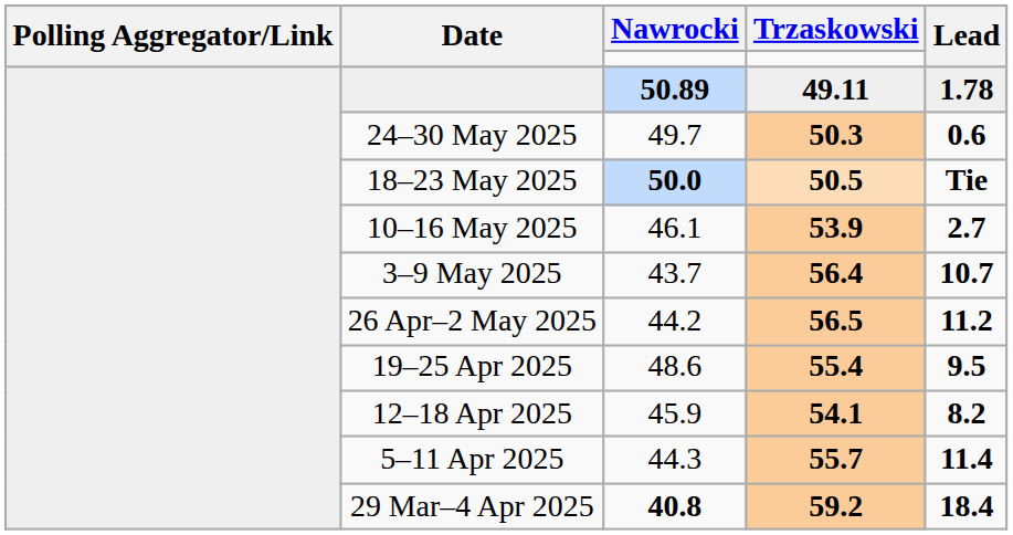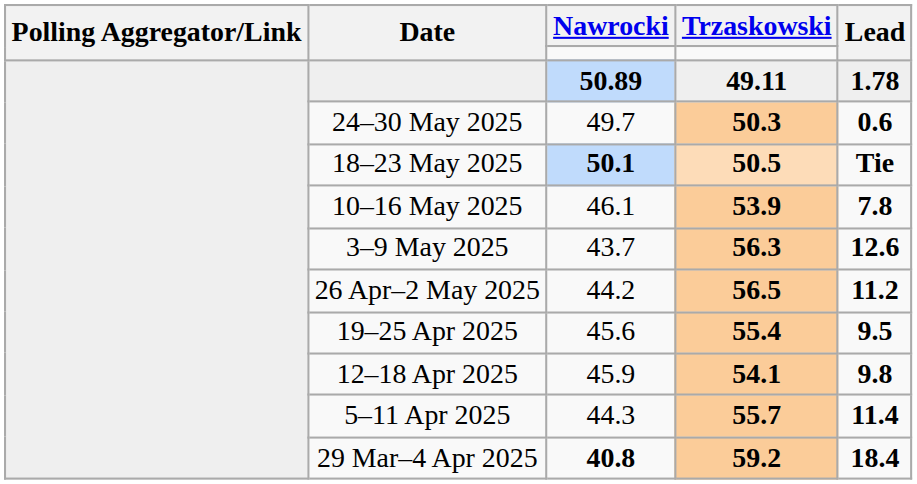 <table class="wikitable" style="text-align:center; font-size:85%; line-height:14px; width=auto;">
 <tr>
 <th rowspan="2">Polling Aggregator/Link</th>
 <th rowspan="2">Date</th>
 <th><a href='#'>Nawrocki</a><br></th>
 <th><a href='#'>Trzaskowski</a><br></th>
 <th rowspan="2">Lead</th>
 </tr>
 <tr>
 <td style="background:"></td>
 <td style="background:"></td>
 </tr>
 <tr style="background:#EFEFEF; font-weight:bold;">
 <td rowspan="10"></td>
 <td></td>
 <td style="background:#C0DBFC;">50.89</td>
 <td>49.11</td>
 <td style="background:">1.78</td>
 </tr>
 <tr>
 <td data-sort-value="2025-05-30">24–30 May 2025</td>
 <td>49.7</td>
 <td style="background:#fbcc99;"><strong>50.3</strong></td>
 <td style="background:"><strong>0.6</strong></td>
 </tr>
 <tr>
 <td data-sort-value="2025-05-30">18–23 May 2025</td>
-<td style="background:#C0DBFC;"><strong>50.0</strong></td>
+<td style="background:#C0DBFC;"><strong>50.1</strong></td>
 <td style="background:#FDDCB8;"><strong>50.5</strong></td>
 <td><strong>Tie</strong></td>
 </tr>
 <tr>
 <td data-sort-value="2025-05-30">10–16 May 2025</td>
 <td>46.1</td>
 <td style="background:#fbcc99;"><strong>53.9</strong></td>
-<td style="background:"><strong>2.7</strong></td>
+<td style="background:"><strong>7.8</strong></td>
 </tr>
 <tr>
 <td data-sort-value="2025-05-30">3–9 May 2025</td>
 <td>43.7</td>
-<td style="background:#fbcc99;"><strong>56.4</strong></td>
-<td style="background:"><strong>10.7</strong></td>
+<td style="background:#fbcc99;"><strong>56.3</strong></td>
+<td style="background:"><strong>12.6</strong></td>
 </tr>
 <tr>
 <td data-sort-value="2025-05-30">26 Apr–2 May 2025</td>
 <td>44.2</td>
 <td style="background:#fbcc99;"><strong>56.5</strong></td>
 <td style="background:"><strong>11.2</strong></td>
 </tr>
 <tr>
 <td data-sort-value="2025-05-30">19–25 Apr 2025</td>
-<td>48.6</td>
+<td>45.6</td>
 <td style="background:#fbcc99;"><strong>55.4</strong></td>
 <td style="background:"><strong>9.5</strong></td>
 </tr>
 <tr>
 <td data-sort-value="2025-05-30">12–18 Apr 2025</td>
 <td>45.9</td>
 <td style="background:#fbcc99;"><strong>54.1</strong></td>
-<td style="background:"><strong>8.2</strong></td>
+<td style="background:"><strong>9.8</strong></td>
 </tr>
 <tr>
 <td data-sort-value="2025-05-30">5–11 Apr 2025</td>
 <td>44.3</td>
 <td style="background:#fbcc99;"><strong>55.7</strong></td>
 <td style="background:"><strong>11.4</strong></td>
 </tr>
 <tr>
 <td data-sort-value="2025-05-30">29 Mar–4 Apr 2025</td>
 <td><strong>40.8</strong></td>
 <td style="background:#fbcc99;"><strong>59.2</strong></td>
 <td style="background:"><strong>18.4</strong></td>
 </tr>
 </table>
